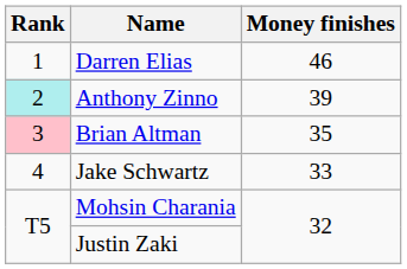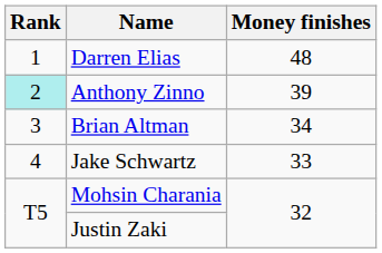 <table class="wikitable" style="display: inline-table;">
 <tr>
 <th>Rank</th>
 <th>Name</th>
 <th>Money finishes</th>
 </tr>
 <tr>
 <td align=center>1</td>
 <td> <a href='#'>Darren Elias</a></td>
-<td align=center>46</td>
+<td align=center>48</td>
 </tr>
 <tr>
 <td align=center style="background: paleturquoise;">2</td>
 <td> <a href='#'>Anthony Zinno</a></td>
 <td align=center>39</td>
 </tr>
 <tr>
-<td align=center style="background: pink;">3</td>
+<td align=center>3</td>
 <td> <a href='#'>Brian Altman</a></td>
-<td align=center>35</td>
+<td align=center>34</td>
 </tr>
 <tr>
 <td align=center>4</td>
 <td> Jake Schwartz</td>
 <td align=center>33</td>
 </tr>
 <tr>
 <td rowspan=2 align=center>T5</td>
 <td> <a href='#'>Mohsin Charania</a></td>
 <td rowspan=2 align=center>32</td>
 </tr>
 <tr>
 <td> Justin Zaki</td>
 </tr>
 </table>
